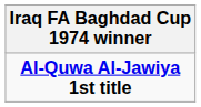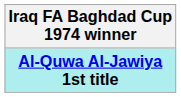 <table class="wikitable" style="text-align: center; margin: 0 auto;">
 <tr>
 <th>Iraq FA Baghdad Cup<br>1974 winner</th>
 </tr>
 <tr>
-<td><strong><a href='#'>Al-Quwa Al-Jawiya</a></strong><br><strong>1st title</strong></td>
+<td style="background: paleturquoise;"><strong><a href='#'>Al-Quwa Al-Jawiya</a></strong><br><strong>1st title</strong></td>
 </tr>
 </table>
